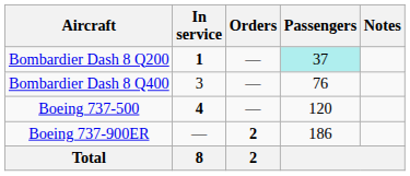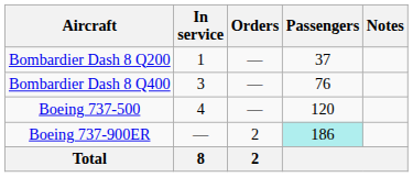 <table class="wikitable" style="margin:0.5em auto; text-align:center">
 <tr>
 <th>Aircraft</th>
 <th>In <br> service</th>
 <th>Orders</th>
 <th>Passengers</th>
 <th>Notes</th>
 </tr>
 <tr>
 <td><a href='#'>Bombardier Dash 8 Q200</a></td>
-<td><strong>1</strong></td>
+<td>1</td>
 <td>—</td>
-<td style="background: paleturquoise;">37</td>
+<td>37</td>
 <td></td>
 </tr>
 <tr>
 <td><a href='#'>Bombardier Dash 8 Q400</a></td>
 <td>3</td>
 <td>—</td>
 <td>76</td>
 <td></td>
 </tr>
 <tr>
 <td><a href='#'>Boeing 737-500</a></td>
-<td><strong>4</strong></td>
+<td>4</td>
 <td>—</td>
 <td>120</td>
 <td></td>
 </tr>
 <tr>
 <td><a href='#'>Boeing 737-900ER</a></td>
 <td>—</td>
-<td><strong>2</strong></td>
-<td>186</td>
+<td>2</td>
+<td style="background: paleturquoise;">186</td>
 <td></td>
 </tr>
 <tr>
 <th>Total</th>
 <th>8</th>
 <th>2</th>
 <th colspan=2></th>
 </tr>
 </table>
